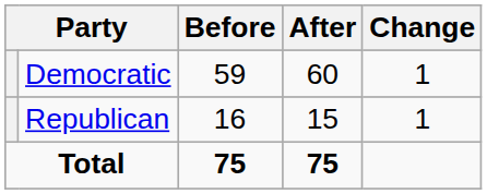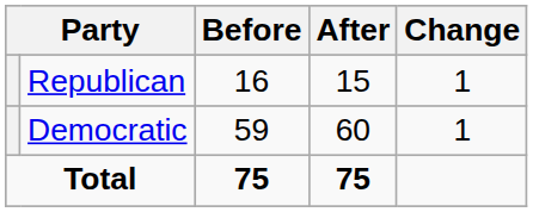 <table class="wikitable" style="text-align:center;">
 <tr>
 <th colspan="2">Party</th>
 <th>Before</th>
 <th>After</th>
 <th>Change</th>
 </tr>
 <tr>
 <th style="background-color:"></th>
-<td style="text-align:left;"><a href='#'>Democratic</a></td>
-<td>59</td>
-<td>60</td>
+<td style="text-align:left;"><a href='#'>Republican</a></td>
+<td>16</td>
+<td>15</td>
 <td> 1</td>
 </tr>
 <tr>
 <th style="background-color:"></th>
-<td style="text-align:left;"><a href='#'>Republican</a></td>
-<td>16</td>
-<td>15</td>
+<td style="text-align:left;"><a href='#'>Democratic</a></td>
+<td>59</td>
+<td>60</td>
 <td> 1</td>
 </tr>
 <tr>
 <td colspan="2"><strong>Total</strong></td>
 <td><strong>75</strong></td>
 <td><strong>75</strong></td>
 <td></td>
 </tr>
 </table>
